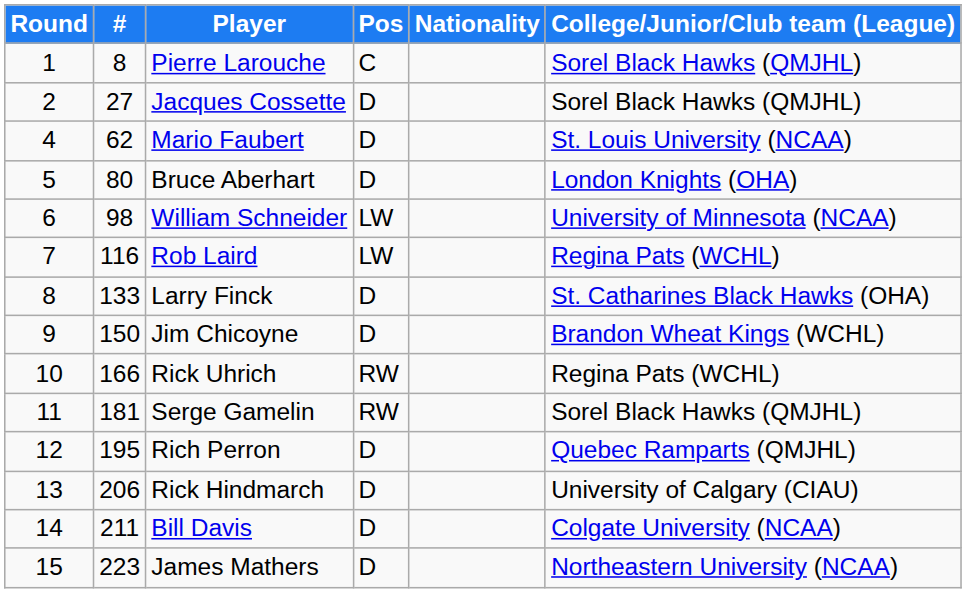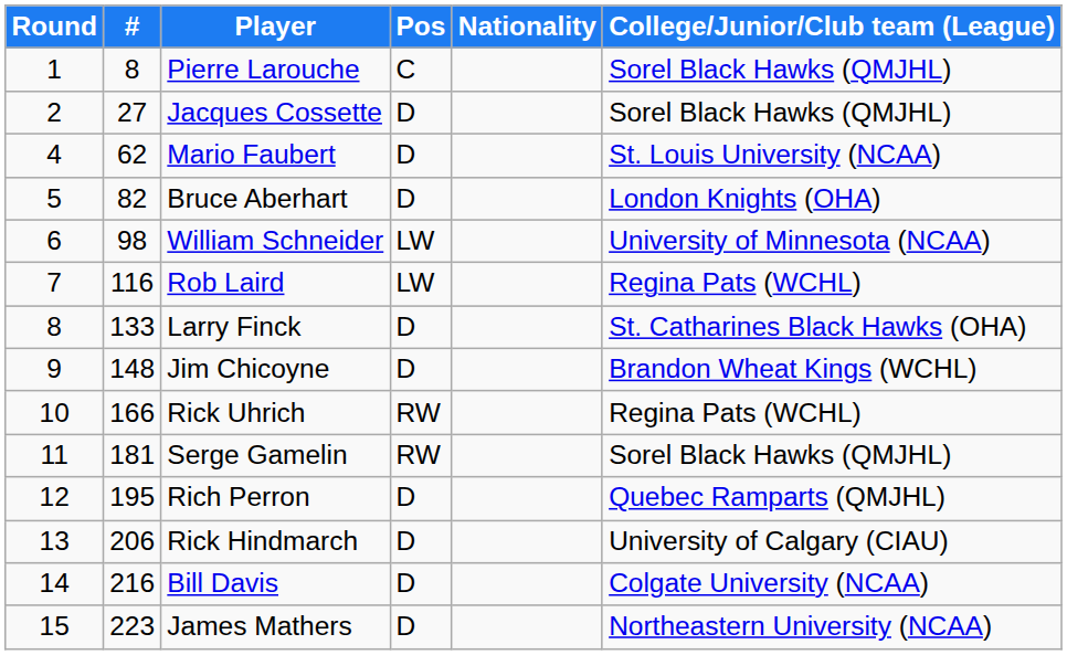 <table class="wikitable">
 <tr>
 <th style="color:white; background:#1D7CF2; ">Round</th>
 <th style="color:white; background:#1D7CF2; ">#</th>
 <th style="color:white; background:#1D7CF2; ">Player</th>
 <th style="color:white; background:#1D7CF2; ">Pos</th>
 <th style="color:white; background:#1D7CF2; ">Nationality</th>
 <th style="color:white; background:#1D7CF2; ">College/Junior/Club team (League)</th>
 </tr>
 <tr>
 <td style="text-align:center">1</td>
 <td style="text-align:center">8</td>
 <td><a href='#'>Pierre Larouche</a></td>
 <td>C</td>
 <td></td>
 <td><a href='#'>Sorel Black Hawks</a> (<a href='#'>QMJHL</a>)</td>
 </tr>
 <tr>
 <td style="text-align:center">2</td>
 <td style="text-align:center">27</td>
 <td><a href='#'>Jacques Cossette</a></td>
 <td>D</td>
 <td></td>
 <td>Sorel Black Hawks (QMJHL)</td>
 </tr>
 <tr>
 <td style="text-align:center">4</td>
 <td style="text-align:center">62</td>
 <td><a href='#'>Mario Faubert</a></td>
 <td>D</td>
 <td></td>
 <td><a href='#'>St. Louis University</a> (<a href='#'>NCAA</a>)</td>
 </tr>
 <tr>
 <td style="text-align:center">5</td>
-<td style="text-align:center">80</td>
+<td style="text-align:center">82</td>
 <td>Bruce Aberhart</td>
 <td>D</td>
 <td></td>
 <td><a href='#'>London Knights</a> (<a href='#'>OHA</a>)</td>
 </tr>
 <tr>
 <td style="text-align:center">6</td>
 <td style="text-align:center">98</td>
 <td><a href='#'>William Schneider</a></td>
 <td>LW</td>
 <td></td>
 <td><a href='#'>University of Minnesota</a> (<a href='#'>NCAA</a>)</td>
 </tr>
 <tr>
 <td style="text-align:center">7</td>
 <td style="text-align:center">116</td>
 <td><a href='#'>Rob Laird</a></td>
 <td>LW</td>
 <td></td>
 <td><a href='#'>Regina Pats</a> (<a href='#'>WCHL</a>)</td>
 </tr>
 <tr>
 <td style="text-align:center">8</td>
 <td style="text-align:center">133</td>
 <td>Larry Finck</td>
 <td>D</td>
 <td></td>
 <td><a href='#'>St. Catharines Black Hawks</a> (OHA)</td>
 </tr>
 <tr>
 <td style="text-align:center">9</td>
-<td style="text-align:center">150</td>
+<td style="text-align:center">148</td>
 <td>Jim Chicoyne</td>
 <td>D</td>
 <td></td>
 <td><a href='#'>Brandon Wheat Kings</a> (WCHL)</td>
 </tr>
 <tr>
 <td style="text-align:center">10</td>
 <td style="text-align:center">166</td>
 <td>Rick Uhrich</td>
 <td>RW</td>
 <td></td>
 <td>Regina Pats (WCHL)</td>
 </tr>
 <tr>
 <td style="text-align:center">11</td>
 <td style="text-align:center">181</td>
 <td>Serge Gamelin</td>
 <td>RW</td>
 <td></td>
 <td>Sorel Black Hawks (QMJHL)</td>
 </tr>
 <tr>
 <td style="text-align:center">12</td>
 <td style="text-align:center">195</td>
 <td>Rich Perron</td>
 <td>D</td>
 <td></td>
 <td><a href='#'>Quebec Ramparts</a> (QMJHL)</td>
 </tr>
 <tr>
 <td style="text-align:center">13</td>
 <td style="text-align:center">206</td>
 <td>Rick Hindmarch</td>
 <td>D</td>
 <td></td>
 <td>University of Calgary (CIAU)</td>
 </tr>
 <tr>
 <td style="text-align:center">14</td>
-<td style="text-align:center">211</td>
+<td style="text-align:center">216</td>
 <td><a href='#'>Bill Davis</a></td>
 <td>D</td>
 <td></td>
 <td><a href='#'>Colgate University</a> (<a href='#'>NCAA</a>)</td>
 </tr>
 <tr>
 <td style="text-align:center">15</td>
 <td style="text-align:center">223</td>
 <td>James Mathers</td>
 <td>D</td>
 <td></td>
 <td><a href='#'>Northeastern University</a> (<a href='#'>NCAA</a>)</td>
 </tr>
 </table>
